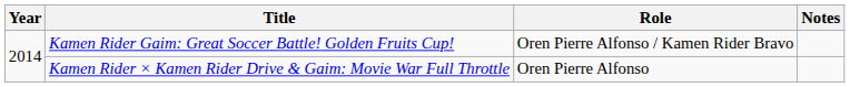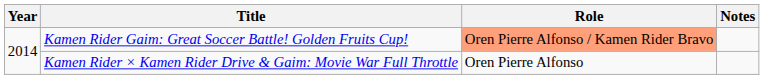 <table class="wikitable">
 <tr>
 <th>Year</th>
 <th>Title</th>
 <th>Role</th>
 <th>Notes</th>
 </tr>
 <tr>
 <td rowspan="2">2014</td>
 <td><em><a href='#'>Kamen Rider Gaim: Great Soccer Battle! Golden Fruits Cup!</a></em></td>
-<td>Oren Pierre Alfonso / Kamen Rider Bravo</td>
+<td style="background: lightsalmon;">Oren Pierre Alfonso / Kamen Rider Bravo</td>
 <td></td>
 </tr>
 <tr>
 <td><em><a href='#'>Kamen Rider × Kamen Rider Drive & Gaim: Movie War Full Throttle</a></em></td>
 <td>Oren Pierre Alfonso</td>
 <td></td>
 </tr>
 </table>
